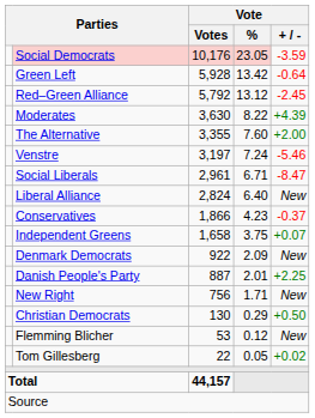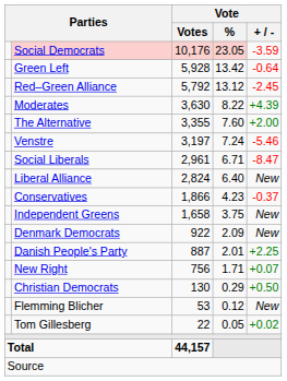 <table class="wikitable" style="text-align:right;">
 <tr>
 <th style="text-align:centre;" rowspan="2" colspan="2" width="225">Parties</th>
 <th colspan="3">Vote</th>
 </tr>
 <tr>
 <th width="15">Votes</th>
 <th width="15">%</th>
 <th width="15">+ / -</th>
 </tr>
 <tr>
 <td width="2" style="color:inherit;background:"></td>
 <td bgcolor=#fbd0ce  align="left"><a href='#'>Social Democrats</a></td>
 <td bgcolor=#fbd0ce>10,176</td>
 <td bgcolor=#fbd0ce>23.05</td>
 <td style=color:red;>-3.59</td>
 </tr>
 <tr>
 <td width="2" style="color:inherit;background:"></td>
 <td align="left"><a href='#'>Green Left</a></td>
 <td>5,928</td>
 <td>13.42</td>
 <td style=color:red;>-0.64</td>
 </tr>
 <tr>
 <td width="2" style="color:inherit;background:"></td>
 <td align="left"><a href='#'>Red–Green Alliance</a></td>
 <td>5,792</td>
 <td>13.12</td>
 <td style=color:red;>-2.45</td>
 </tr>
 <tr>
 <td width="2" style="color:inherit;background:"></td>
 <td align="left"><a href='#'>Moderates</a></td>
 <td>3,630</td>
 <td>8.22</td>
 <td style=color:green;>+4.39</td>
 </tr>
 <tr>
 <td width="2" style="color:inherit;background:"></td>
 <td align="left"><a href='#'>The Alternative</a></td>
 <td>3,355</td>
 <td>7.60</td>
 <td style=color:green;>+2.00</td>
 </tr>
 <tr>
 <td width="2" style="color:inherit;background:"></td>
 <td align="left"><a href='#'>Venstre</a></td>
 <td>3,197</td>
 <td>7.24</td>
 <td style=color:red;>-5.46</td>
 </tr>
 <tr>
 <td width="2" style="color:inherit;background:"></td>
 <td align="left"><a href='#'>Social Liberals</a></td>
 <td>2,961</td>
 <td>6.71</td>
 <td style=color:red;>-8.47</td>
 </tr>
 <tr>
 <td width="2" style="color:inherit;background:"></td>
 <td align="left"><a href='#'>Liberal Alliance</a></td>
 <td>2,824</td>
 <td>6.40</td>
 <td><em>New</em></td>
 </tr>
 <tr>
 <td width="2" style="color:inherit;background:"></td>
 <td align="left"><a href='#'>Conservatives</a></td>
 <td>1,866</td>
 <td>4.23</td>
 <td style=color:red;>-0.37</td>
 </tr>
 <tr>
 <td width="2" style="color:inherit;background:"></td>
 <td align="left"><a href='#'>Independent Greens</a></td>
 <td>1,658</td>
 <td>3.75</td>
-<td style=color:green;>+0.07</td>
+<td><em>New</em></td>
 </tr>
 <tr>
 <td width="2" style="color:inherit;background:"></td>
 <td align="left"><a href='#'>Denmark Democrats</a></td>
 <td>922</td>
 <td>2.09</td>
 <td><em>New</em></td>
 </tr>
 <tr>
 <td width="2" style="color:inherit;background:"></td>
 <td align="left"><a href='#'>Danish People's Party</a></td>
 <td>887</td>
 <td>2.01</td>
 <td style=color:green;>+2.25</td>
 </tr>
 <tr>
 <td width="2" style="color:inherit;background:"></td>
 <td align="left"><a href='#'>New Right</a></td>
 <td>756</td>
 <td>1.71</td>
-<td><em>New</em></td>
+<td style=color:green;>+0.07</td>
 </tr>
 <tr>
 <td width="2" style="color:inherit;background:"></td>
 <td align="left"><a href='#'>Christian Democrats</a></td>
 <td>130</td>
 <td>0.29</td>
 <td style=color:green;>+0.50</td>
 </tr>
 <tr>
 <td width="2" style="color:inherit;background:"></td>
 <td align="left">Flemming Blicher</td>
 <td>53</td>
 <td>0.12</td>
 <td><em>New</em></td>
 </tr>
 <tr>
 <td width="2" style="color:inherit;background:"></td>
 <td align="left">Tom Gillesberg</td>
 <td>22</td>
 <td>0.05</td>
 <td style=color:green;>+0.02</td>
 </tr>
 <tr>
 <td colspan="7" bgcolor="#E9E9E9"></td>
 </tr>
 <tr>
 <td align="left" colspan="2"><strong>Total</strong></td>
 <td><strong>44,157</strong></td>
 <td bgcolor="#E9E9E9" colspan="2"></td>
 </tr>
 <tr>
 <td align="left" colspan="6">Source</td>
 </tr>
 </table>
